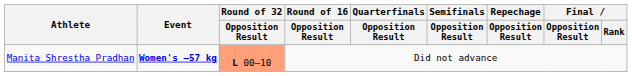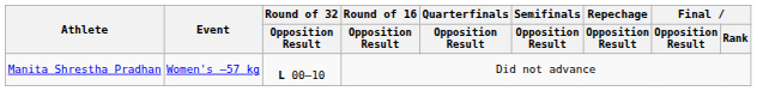 <table class="wikitable" style="font-size:90%">
 <tr>
 <th rowspan="2">Athlete</th>
 <th rowspan="2">Event</th>
 <th>Round of 32</th>
 <th>Round of 16</th>
 <th>Quarterfinals</th>
 <th>Semifinals</th>
 <th>Repechage</th>
 <th colspan=2>Final / </th>
 </tr>
 <tr style="font-size:95%">
 <th>Opposition<br>Result</th>
 <th>Opposition<br>Result</th>
 <th>Opposition<br>Result</th>
 <th>Opposition<br>Result</th>
 <th>Opposition<br>Result</th>
 <th>Opposition<br>Result</th>
 <th>Rank</th>
 </tr>
 <tr align=center>
 <td align=left><a href='#'>Manita Shrestha Pradhan</a></td>
-<td align=left><strong><a href='#'>Women's –57 kg</a></strong></td>
-<td style="background: lightsalmon;"><br><strong>L</strong> 00–10</td>
+<td align=left><a href='#'>Women's –57 kg</a></td>
+<td><br><strong>L</strong> 00–10</td>
 <td colspan="6">Did not advance</td>
 </tr>
 </table>
